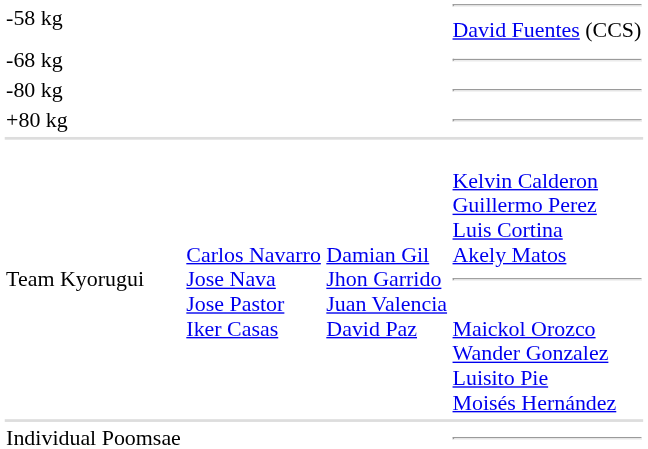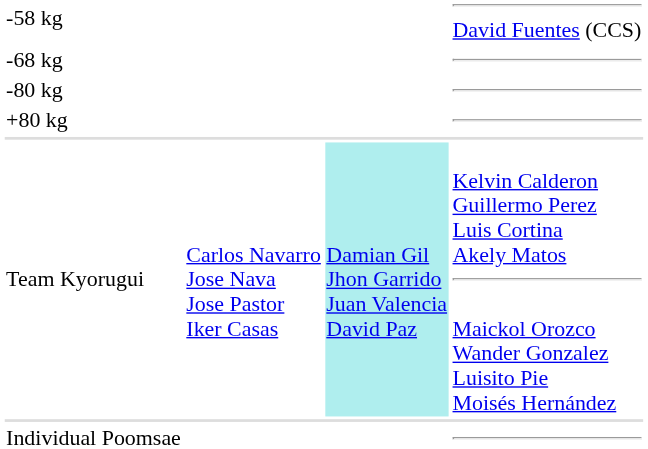 <table>
 <tr>
 <td>-58 kg</td>
 <td></td>
 <td></td>
 <td><hr><a href='#'>David Fuentes</a> (CCS)</td>
 </tr>
 <tr>
 <td>-68 kg</td>
 <td></td>
 <td></td>
 <td><hr></td>
 </tr>
 <tr>
 <td>-80 kg</td>
 <td></td>
 <td></td>
 <td><hr></td>
 </tr>
 <tr>
 <td>+80 kg</td>
 <td></td>
 <td></td>
 <td><hr></td>
 </tr>
 <tr bgcolor=#DDDDDD>
 <td colspan=7></td>
 </tr>
 <tr>
 <td>Team Kyorugui</td>
 <td><br><a href='#'>Carlos Navarro</a><br><a href='#'>Jose Nava</a><br><a href='#'>Jose Pastor</a><br><a href='#'>Iker Casas</a></td>
-<td><br><a href='#'>Damian Gil</a><br><a href='#'>Jhon Garrido</a><br><a href='#'>Juan Valencia</a><br><a href='#'>David Paz</a></td>
+<td style="background: paleturquoise;"><br><a href='#'>Damian Gil</a><br><a href='#'>Jhon Garrido</a><br><a href='#'>Juan Valencia</a><br><a href='#'>David Paz</a></td>
 <td><br><a href='#'>Kelvin Calderon</a><br><a href='#'>Guillermo Perez</a><br><a href='#'>Luis Cortina</a><br><a href='#'>Akely Matos</a><hr><br><a href='#'>Maickol Orozco</a><br><a href='#'>Wander Gonzalez</a><br><a href='#'>Luisito Pie</a><br><a href='#'>Moisés Hernández</a></td>
 </tr>
 <tr bgcolor=#DDDDDD>
 <td colspan=4></td>
 </tr>
 <tr>
 <td>Individual Poomsae</td>
 <td></td>
 <td></td>
 <td><hr></td>
 </tr>
 </table>
